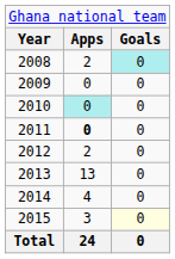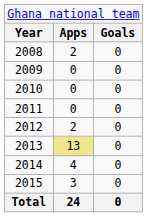 <table class="wikitable" style="text-align:center">
 <tr>
 <td colspan="3"><a href='#'>Ghana national team</a></td>
 </tr>
 <tr>
 <th>Year</th>
 <th>Apps</th>
 <th>Goals</th>
 </tr>
 <tr>
 <td>2008</td>
 <td>2</td>
-<td style="background: paleturquoise;">0</td>
+<td>0</td>
 </tr>
 <tr>
 <td>2009</td>
 <td>0</td>
 <td>0</td>
 </tr>
 <tr>
 <td>2010</td>
-<td style="background: paleturquoise;">0</td>
+<td>0</td>
 <td>0</td>
 </tr>
 <tr>
 <td>2011</td>
-<td><strong>0</strong></td>
+<td>0</td>
 <td>0</td>
 </tr>
 <tr>
 <td>2012</td>
 <td>2</td>
 <td>0</td>
 </tr>
 <tr>
 <td>2013</td>
-<td>13</td>
+<td style="background: khaki;">13</td>
 <td>0</td>
 </tr>
 <tr>
 <td>2014</td>
 <td>4</td>
 <td>0</td>
 </tr>
 <tr>
 <td>2015</td>
 <td>3</td>
-<td style="background: lightyellow;">0</td>
+<td>0</td>
 </tr>
 <tr>
 <th>Total</th>
 <th>24</th>
 <th>0</th>
 </tr>
 </table>
